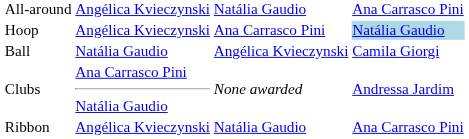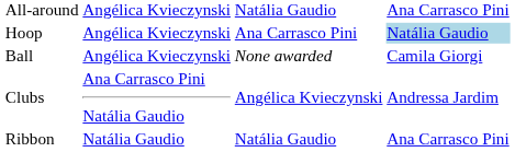 <table>
 <tr>
 <td>All-around <br></td>
 <td><a href='#'>Angélica Kvieczynski</a><br><em></em></td>
 <td><a href='#'>Natália Gaudio</a><br><em></em></td>
 <td><a href='#'>Ana Carrasco Pini</a><br><em></em></td>
 </tr>
 <tr>
 <td>Hoop <br></td>
 <td><a href='#'>Angélica Kvieczynski</a><br><em></em></td>
 <td><a href='#'>Ana Carrasco Pini</a><br><em></em></td>
 <td style="background: lightblue;"><a href='#'>Natália Gaudio</a><br><em></em></td>
 </tr>
 <tr>
 <td>Ball <br></td>
-<td><a href='#'>Natália Gaudio</a><br><em></em></td>
 <td><a href='#'>Angélica Kvieczynski</a><br><em></em></td>
+<td><em>None awarded</em></td>
 <td><a href='#'>Camila Giorgi</a><br><em></em></td>
 </tr>
 <tr>
 <td>Clubs <br></td>
 <td><a href='#'>Ana Carrasco Pini</a><br><em></em><hr><a href='#'>Natália Gaudio</a><br><em></em></td>
-<td><em>None awarded</em></td>
+<td><a href='#'>Angélica Kvieczynski</a><br><em></em></td>
 <td><a href='#'>Andressa Jardim</a><br><em></em></td>
 </tr>
 <tr>
 <td>Ribbon <br></td>
-<td><a href='#'>Angélica Kvieczynski</a><br><em></em></td>
+<td><a href='#'>Natália Gaudio</a><br><em></em></td>
 <td><a href='#'>Natália Gaudio</a><br><em></em></td>
 <td><a href='#'>Ana Carrasco Pini</a><br><em></em></td>
 </tr>
 </table>
